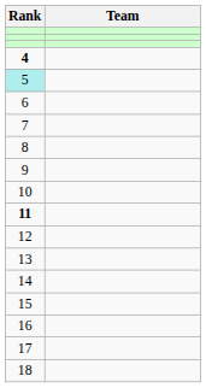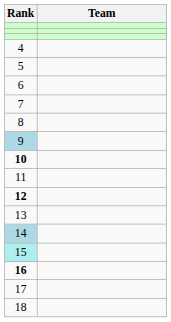 <table class="wikitable" style="text-align: center">
 <tr>
 <th>Rank</th>
 <th width=170>Team</th>
 </tr>
 <tr bgcolor=#ccffcc>
 <td></td>
 <td align=left></td>
 </tr>
 <tr bgcolor=#ccffcc>
 <td></td>
 <td align=left></td>
 </tr>
 <tr bgcolor=#ccffcc>
 <td></td>
 <td align=left></td>
 </tr>
 <tr>
-<td><strong>4</strong></td>
+<td>4</td>
 <td align=left></td>
 </tr>
 <tr>
-<td style="background: paleturquoise;">5</td>
+<td>5</td>
 <td align=left></td>
 </tr>
 <tr>
 <td>6</td>
 <td align=left></td>
 </tr>
 <tr>
 <td>7</td>
 <td align=left></td>
 </tr>
 <tr>
 <td>8</td>
 <td align=left></td>
 </tr>
 <tr>
-<td>9</td>
+<td style="background: lightblue;">9</td>
 <td align=left></td>
 </tr>
 <tr>
-<td>10</td>
+<td><strong>10</strong></td>
 <td align=left></td>
 </tr>
 <tr>
-<td><strong>11</strong></td>
+<td>11</td>
 <td align=left></td>
 </tr>
 <tr>
-<td>12</td>
+<td><strong>12</strong></td>
 <td align=left></td>
 </tr>
 <tr>
 <td>13</td>
 <td align=left></td>
 </tr>
 <tr>
-<td>14</td>
+<td style="background: lightblue;">14</td>
 <td align=left></td>
 </tr>
 <tr>
-<td>15</td>
+<td style="background: paleturquoise;">15</td>
 <td align=left></td>
 </tr>
 <tr>
-<td>16</td>
+<td><strong>16</strong></td>
 <td align=left></td>
 </tr>
 <tr>
 <td>17</td>
 <td align=left></td>
 </tr>
 <tr>
 <td>18</td>
 <td align=left></td>
 </tr>
 </table>
